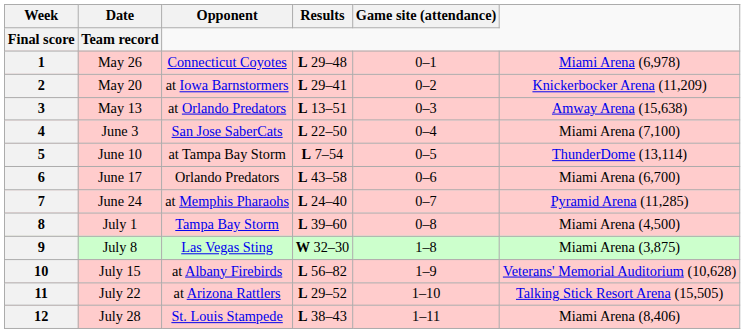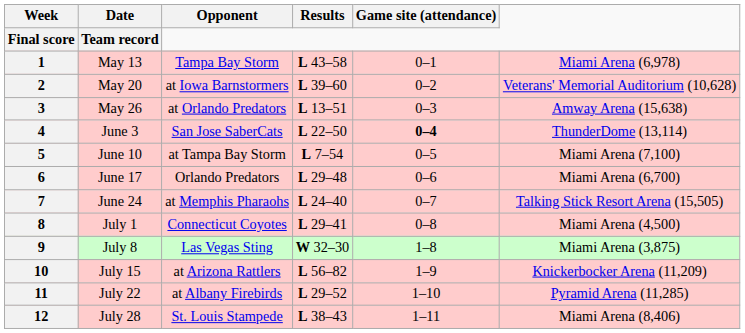 <table class="wikitable" style="font-size: 92%;" "align=center">
 <tr>
 <th>Week</th>
 <th>Date</th>
 <th>Opponent</th>
 <th>Results</th>
 <th>Game site (attendance)</th>
 </tr>
 <tr>
 <th>Final score</th>
 <th>Team record</th>
 </tr>
 <tr style="background:#fcc">
 <th>1</th>
-<td style="text-align:center;">May 26</td>
-<td style="text-align:center;"><a href='#'>Connecticut Coyotes</a></td>
-<td style="text-align:center;"><strong>L</strong> 29–48</td>
+<td style="text-align:center;">May 13</td>
+<td style="text-align:center;"><a href='#'>Tampa Bay Storm</a></td>
+<td style="text-align:center;"><strong>L</strong> 43–58</td>
 <td style="text-align:center;">0–1</td>
 <td style="text-align:center;"><a href='#'>Miami Arena</a> (6,978)</td>
 </tr>
 <tr style="background:#fcc">
 <th>2</th>
 <td style="text-align:center;">May 20</td>
 <td style="text-align:center;">at <a href='#'>Iowa Barnstormers</a></td>
-<td style="text-align:center;"><strong>L</strong> 29–41</td>
+<td style="text-align:center;"><strong>L</strong> 39–60</td>
 <td style="text-align:center;">0–2</td>
-<td style="text-align:center;"><a href='#'>Knickerbocker Arena</a> (11,209)</td>
+<td style="text-align:center;"><a href='#'>Veterans' Memorial Auditorium</a> (10,628)</td>
 </tr>
 <tr style="background:#fcc">
 <th>3</th>
-<td style="text-align:center;">May 13</td>
+<td style="text-align:center;">May 26</td>
 <td style="text-align:center;">at <a href='#'>Orlando Predators</a></td>
 <td style="text-align:center;"><strong>L</strong> 13–51</td>
 <td style="text-align:center;">0–3</td>
 <td style="text-align:center;"><a href='#'>Amway Arena</a> (15,638)</td>
 </tr>
 <tr style="background:#fcc">
 <th>4</th>
 <td style="text-align:center;">June 3</td>
 <td style="text-align:center;"><a href='#'>San Jose SaberCats</a></td>
 <td style="text-align:center;"><strong>L</strong> 22–50</td>
-<td style="text-align:center;">0–4</td>
-<td style="text-align:center;">Miami Arena (7,100)</td>
+<td style="text-align:center;"><strong>0–4</strong></td>
+<td style="text-align:center;"><a href='#'>ThunderDome</a> (13,114)</td>
 </tr>
 <tr style="background:#fcc">
 <th>5</th>
 <td style="text-align:center;">June 10</td>
 <td style="text-align:center;">at Tampa Bay Storm</td>
 <td style="text-align:center;"><strong>L</strong> 7–54</td>
 <td style="text-align:center;">0–5</td>
-<td style="text-align:center;"><a href='#'>ThunderDome</a> (13,114)</td>
+<td style="text-align:center;">Miami Arena (7,100)</td>
 </tr>
 <tr style="background:#fcc">
 <th>6</th>
 <td style="text-align:center;">June 17</td>
 <td style="text-align:center;">Orlando Predators</td>
-<td style="text-align:center;"><strong>L</strong> 43–58</td>
+<td style="text-align:center;"><strong>L</strong> 29–48</td>
 <td style="text-align:center;">0–6</td>
 <td style="text-align:center;">Miami Arena (6,700)</td>
 </tr>
 <tr style="background:#fcc">
 <th>7</th>
 <td style="text-align:center;">June 24</td>
 <td style="text-align:center;">at <a href='#'>Memphis Pharaohs</a></td>
 <td style="text-align:center;"><strong>L</strong> 24–40</td>
 <td style="text-align:center;">0–7</td>
-<td style="text-align:center;"><a href='#'>Pyramid Arena</a> (11,285)</td>
+<td style="text-align:center;"><a href='#'>Talking Stick Resort Arena</a> (15,505)</td>
 </tr>
 <tr style="background:#fcc">
 <th>8</th>
 <td style="text-align:center;">July 1</td>
-<td style="text-align:center;"><a href='#'>Tampa Bay Storm</a></td>
-<td style="text-align:center;"><strong>L</strong> 39–60</td>
+<td style="text-align:center;"><a href='#'>Connecticut Coyotes</a></td>
+<td style="text-align:center;"><strong>L</strong> 29–41</td>
 <td style="text-align:center;">0–8</td>
 <td style="text-align:center;">Miami Arena (4,500)</td>
 </tr>
 <tr style="background:#cfc">
 <th>9</th>
 <td style="text-align:center;">July 8</td>
 <td style="text-align:center;"><a href='#'>Las Vegas Sting</a></td>
 <td style="text-align:center;"><strong>W</strong> 32–30</td>
 <td style="text-align:center;">1–8</td>
 <td style="text-align:center;">Miami Arena (3,875)</td>
 </tr>
 <tr style="background:#fcc">
 <th>10</th>
 <td style="text-align:center;">July 15</td>
-<td style="text-align:center;">at <a href='#'>Albany Firebirds</a></td>
+<td style="text-align:center;">at <a href='#'>Arizona Rattlers</a></td>
 <td style="text-align:center;"><strong>L</strong> 56–82</td>
 <td style="text-align:center;">1–9</td>
-<td style="text-align:center;"><a href='#'>Veterans' Memorial Auditorium</a> (10,628)</td>
+<td style="text-align:center;"><a href='#'>Knickerbocker Arena</a> (11,209)</td>
 </tr>
 <tr style="background:#fcc">
 <th>11</th>
 <td style="text-align:center;">July 22</td>
-<td style="text-align:center;">at <a href='#'>Arizona Rattlers</a></td>
+<td style="text-align:center;">at <a href='#'>Albany Firebirds</a></td>
 <td style="text-align:center;"><strong>L</strong> 29–52</td>
 <td style="text-align:center;">1–10</td>
-<td style="text-align:center;"><a href='#'>Talking Stick Resort Arena</a> (15,505)</td>
+<td style="text-align:center;"><a href='#'>Pyramid Arena</a> (11,285)</td>
 </tr>
 <tr style="background:#fcc">
 <th>12</th>
 <td style="text-align:center;">July 28</td>
 <td style="text-align:center;"><a href='#'>St. Louis Stampede</a></td>
 <td style="text-align:center;"><strong>L</strong> 38–43</td>
 <td style="text-align:center;">1–11</td>
 <td style="text-align:center;">Miami Arena (8,406)</td>
 </tr>
 </table>
